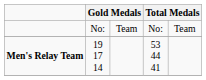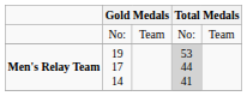 <table class="wikitable" style="text-align: center; font-size:95%;">
 <tr>
 <td></td>
 <th colspan=2>Gold Medals</th>
 <th colspan=2>Total Medals</th>
 </tr>
 <tr>
 <td></td>
 <td>No:</td>
 <td>Team</td>
 <td>No:</td>
 <td>Team</td>
 </tr>
 <tr>
 </tr>
 <tr>
 <td><strong>Men's Relay Team</strong></td>
 <td>19 <br> 17 <br> 14</td>
 <td align="left"> <br>  <br> </td>
-<td>53 <br> 44 <br> 41</td>
+<td style="background: lightgrey;">53 <br> 44 <br> 41</td>
 <td align="left"> <br>  <br> </td>
 </tr>
 <tr>
 </tr>
 </table>
